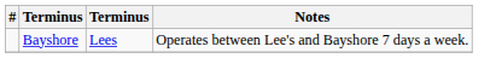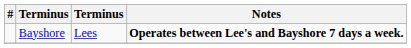 <table class="wikitable">
 <tr>
 <th>#</th>
 <th>Terminus</th>
 <th>Terminus</th>
 <th>Notes</th>
 </tr>
 <tr>
 <td></td>
 <td><a href='#'>Bayshore</a></td>
 <td><a href='#'>Lees</a></td>
-<td>Operates between Lee's and Bayshore 7 days a week.</td>
+<td><strong>Operates between Lee's and Bayshore 7 days a week.</strong></td>
 </tr>
 <tr>
 </tr>
 </table>
